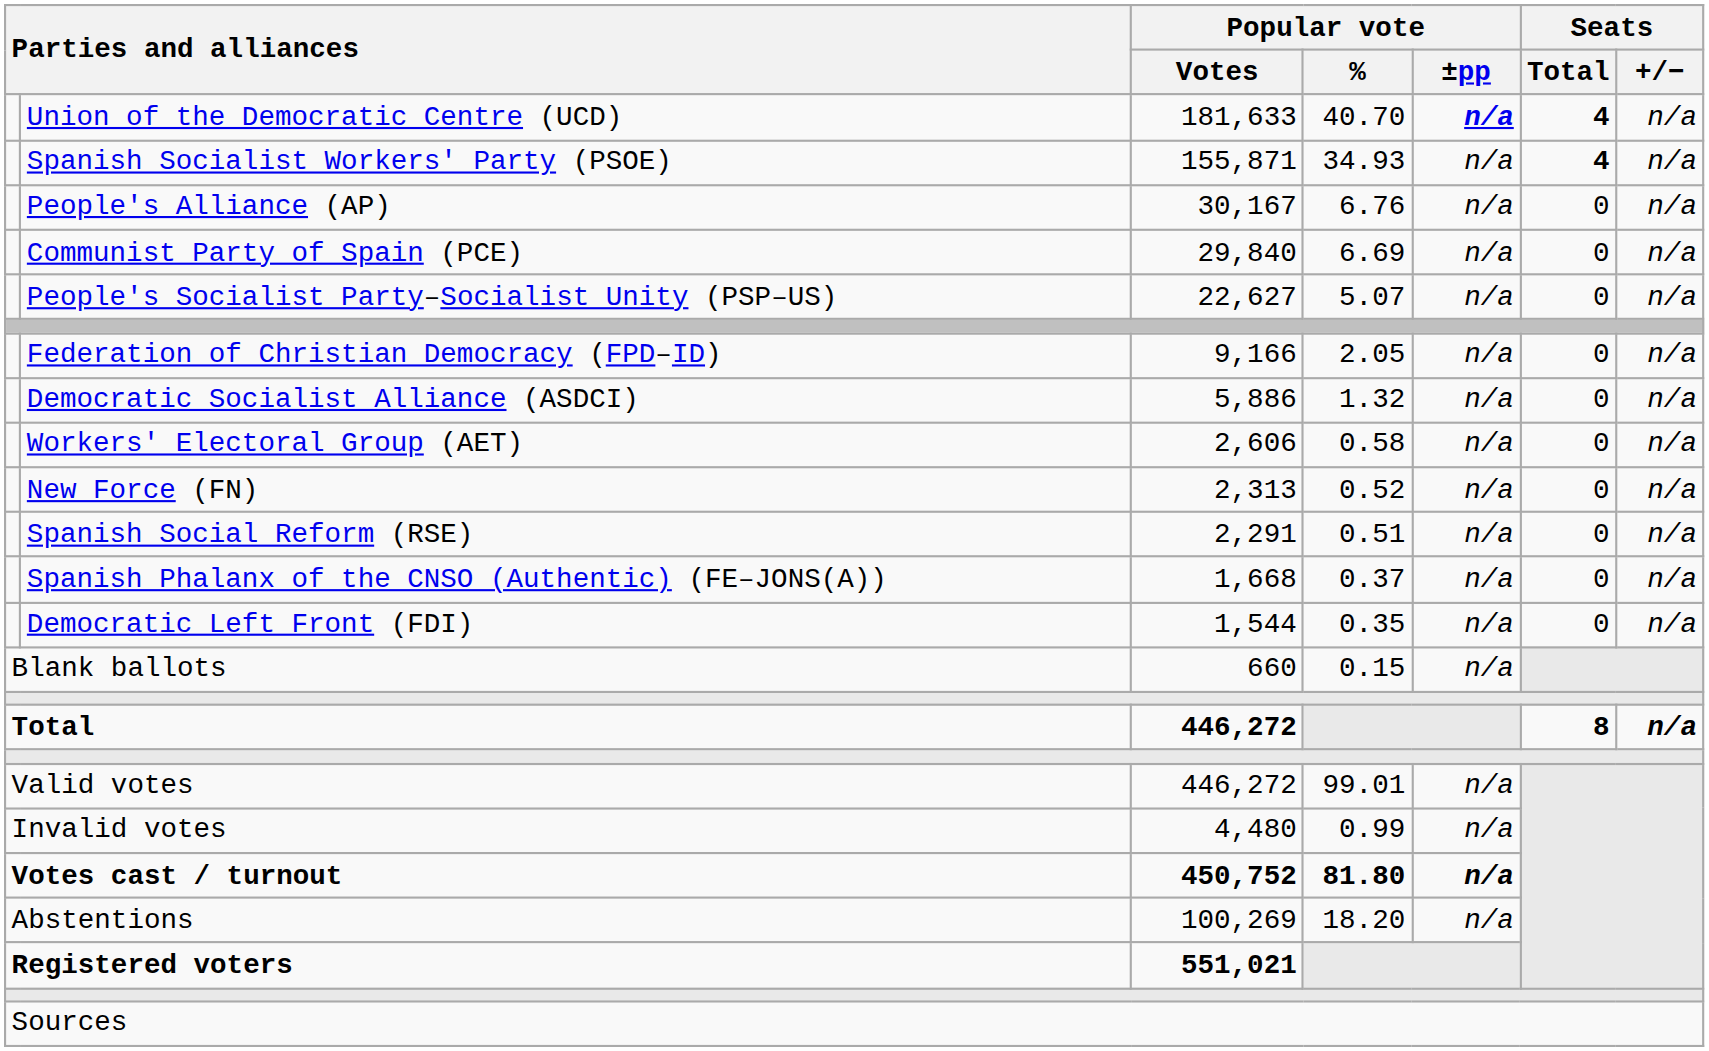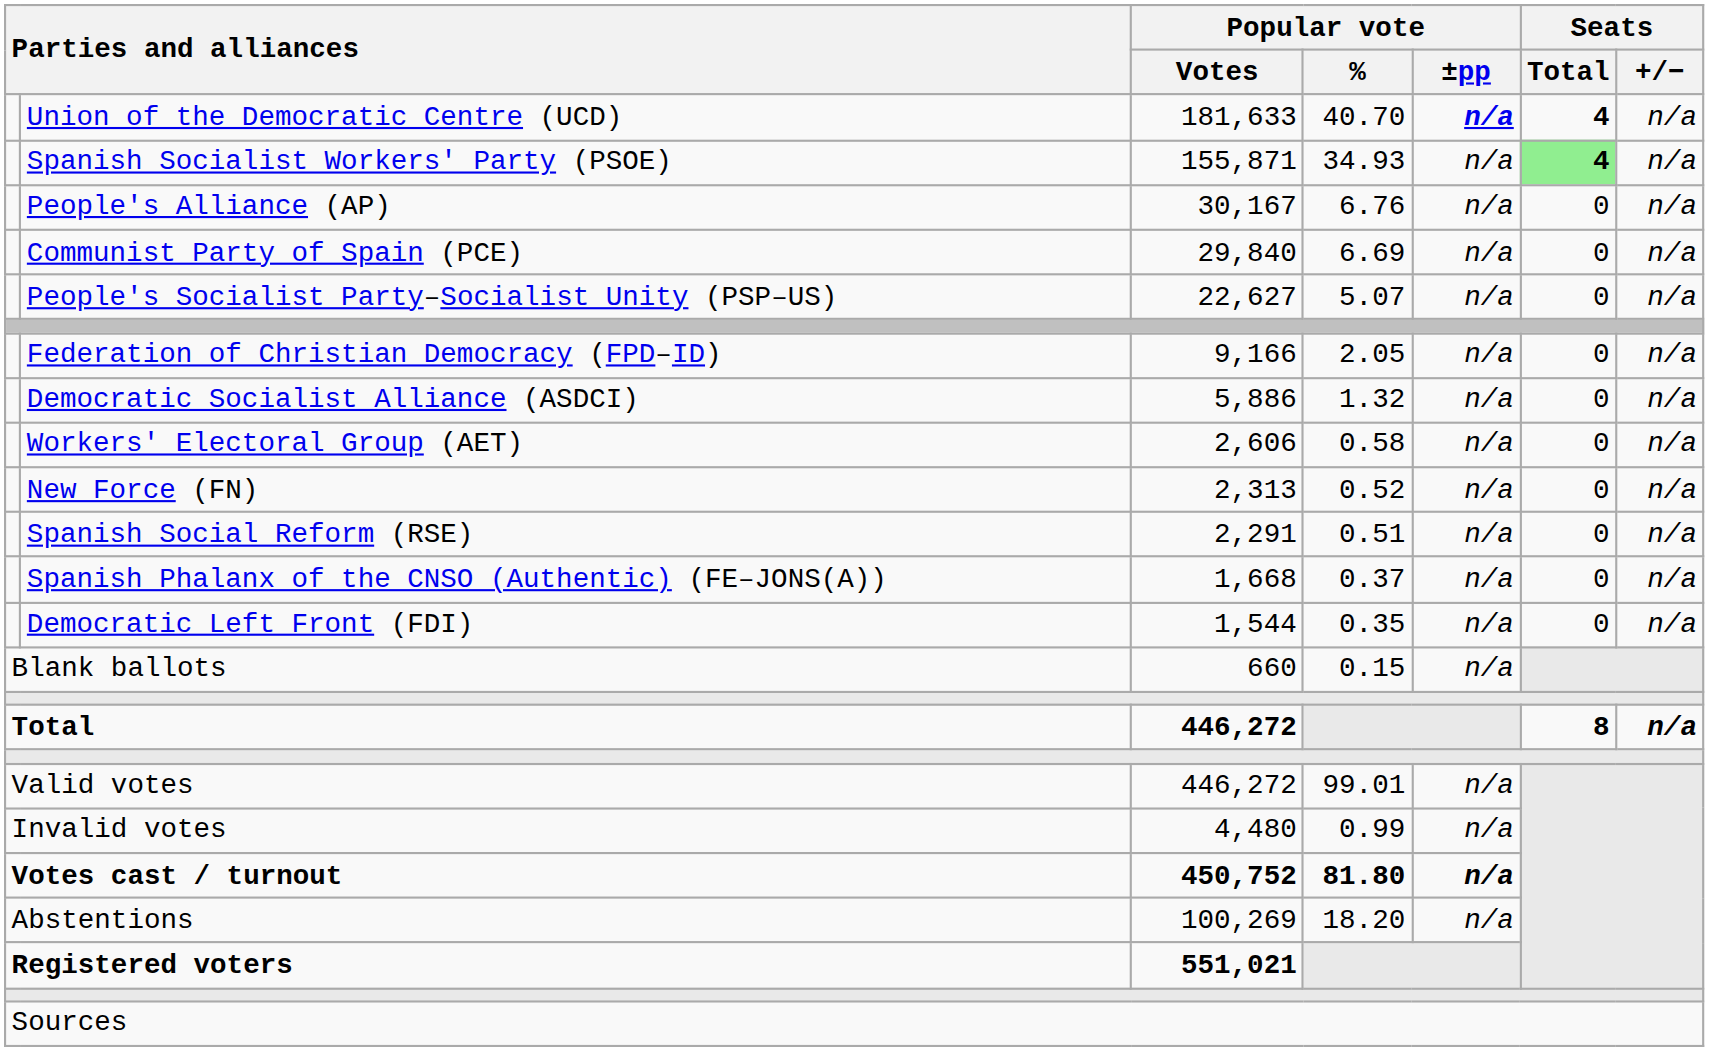 <table class="wikitable" style="text-align:right;">
 <tr>
 <th style="text-align:left;" rowspan="2" colspan="2" width="525">Parties and alliances</th>
 <th colspan="3">Popular vote</th>
 <th colspan="2">Seats</th>
 </tr>
 <tr>
 <th width="75">Votes</th>
 <th width="45">%</th>
 <th width="45">±<a href='#'>pp</a></th>
 <th width="35">Total</th>
 <th width="35">+/−</th>
 </tr>
 <tr>
 <td width="1" style="color:inherit;background:"></td>
 <td align="left"><a href='#'>Union of the Democratic Centre</a> (UCD)</td>
 <td>181,633</td>
 <td>40.70</td>
 <td><strong><em><a href='#'>n/a</a></em></strong></td>
 <td><strong>4</strong></td>
 <td><em>n/a</em></td>
 </tr>
 <tr>
 <td style="color:inherit;background:"></td>
 <td align="left"><a href='#'>Spanish Socialist Workers' Party</a> (PSOE)</td>
 <td>155,871</td>
 <td>34.93</td>
 <td><em>n/a</em></td>
-<td><strong>4</strong></td>
+<td style="background: lightgreen;"><strong>4</strong></td>
 <td><em>n/a</em></td>
 </tr>
 <tr>
 <td style="color:inherit;background:"></td>
 <td align="left"><a href='#'>People's Alliance</a> (AP)</td>
 <td>30,167</td>
 <td>6.76</td>
 <td><em>n/a</em></td>
 <td>0</td>
 <td><em>n/a</em></td>
 </tr>
 <tr>
 <td style="color:inherit;background:"></td>
 <td align="left"><a href='#'>Communist Party of Spain</a> (PCE)</td>
 <td>29,840</td>
 <td>6.69</td>
 <td><em>n/a</em></td>
 <td>0</td>
 <td><em>n/a</em></td>
 </tr>
 <tr>
 <td style="color:inherit;background:"></td>
 <td align="left"><a href='#'>People's Socialist Party</a>–<a href='#'>Socialist Unity</a> (PSP–US)</td>
 <td>22,627</td>
 <td>5.07</td>
 <td><em>n/a</em></td>
 <td>0</td>
 <td><em>n/a</em></td>
 </tr>
 <tr>
 <td colspan="7" bgcolor="#C0C0C0"></td>
 </tr>
 <tr>
 <td style="color:inherit;background:"></td>
 <td align="left"><a href='#'>Federation of Christian Democracy</a> (<a href='#'>FPD</a>–<a href='#'>ID</a>)</td>
 <td>9,166</td>
 <td>2.05</td>
 <td><em>n/a</em></td>
 <td>0</td>
 <td><em>n/a</em></td>
 </tr>
 <tr>
 <td style="color:inherit;background:"></td>
 <td align="left"><a href='#'>Democratic Socialist Alliance</a> (ASDCI)</td>
 <td>5,886</td>
 <td>1.32</td>
 <td><em>n/a</em></td>
 <td>0</td>
 <td><em>n/a</em></td>
 </tr>
 <tr>
 <td style="color:inherit;background:"></td>
 <td align="left"><a href='#'>Workers' Electoral Group</a> (AET)</td>
 <td>2,606</td>
 <td>0.58</td>
 <td><em>n/a</em></td>
 <td>0</td>
 <td><em>n/a</em></td>
 </tr>
 <tr>
 <td style="color:inherit;background:"></td>
 <td align="left"><a href='#'>New Force</a> (FN)</td>
 <td>2,313</td>
 <td>0.52</td>
 <td><em>n/a</em></td>
 <td>0</td>
 <td><em>n/a</em></td>
 </tr>
 <tr>
 <td style="color:inherit;background:"></td>
 <td align="left"><a href='#'>Spanish Social Reform</a> (RSE)</td>
 <td>2,291</td>
 <td>0.51</td>
 <td><em>n/a</em></td>
 <td>0</td>
 <td><em>n/a</em></td>
 </tr>
 <tr>
 <td style="color:inherit;background:"></td>
 <td align="left"><a href='#'>Spanish Phalanx of the CNSO (Authentic)</a> (FE–JONS(A))</td>
 <td>1,668</td>
 <td>0.37</td>
 <td><em>n/a</em></td>
 <td>0</td>
 <td><em>n/a</em></td>
 </tr>
 <tr>
 <td style="color:inherit;background:"></td>
 <td align="left"><a href='#'>Democratic Left Front</a> (FDI)</td>
 <td>1,544</td>
 <td>0.35</td>
 <td><em>n/a</em></td>
 <td>0</td>
 <td><em>n/a</em></td>
 </tr>
 <tr>
 <td align="left" colspan="2">Blank ballots</td>
 <td>660</td>
 <td>0.15</td>
 <td><em>n/a</em></td>
 <td bgcolor="#E9E9E9" colspan="2"></td>
 </tr>
 <tr>
 <td colspan="7" bgcolor="#E9E9E9"></td>
 </tr>
 <tr style="font-weight:bold;">
 <td align="left" colspan="2">Total</td>
 <td>446,272</td>
 <td bgcolor="#E9E9E9" colspan="2"></td>
 <td>8</td>
 <td><em>n/a</em></td>
 </tr>
 <tr>
 <td colspan="7" bgcolor="#E9E9E9"></td>
 </tr>
 <tr>
 <td align="left" colspan="2">Valid votes</td>
 <td>446,272</td>
 <td>99.01</td>
 <td><em>n/a</em></td>
 <td bgcolor="#E9E9E9" colspan="2" rowspan="5"></td>
 </tr>
 <tr>
 <td align="left" colspan="2">Invalid votes</td>
 <td>4,480</td>
 <td>0.99</td>
 <td><em>n/a</em></td>
 </tr>
 <tr style="font-weight:bold;">
 <td align="left" colspan="2">Votes cast / turnout</td>
 <td>450,752</td>
 <td>81.80</td>
 <td><em>n/a</em></td>
 </tr>
 <tr>
 <td align="left" colspan="2">Abstentions</td>
 <td>100,269</td>
 <td>18.20</td>
 <td><em>n/a</em></td>
 </tr>
 <tr style="font-weight:bold;">
 <td align="left" colspan="2">Registered voters</td>
 <td>551,021</td>
 <td bgcolor="#E9E9E9" colspan="2"></td>
 </tr>
 <tr>
 <td colspan="7" bgcolor="#E9E9E9"></td>
 </tr>
 <tr>
 <td align="left" colspan="7">Sources</td>
 </tr>
 </table>
